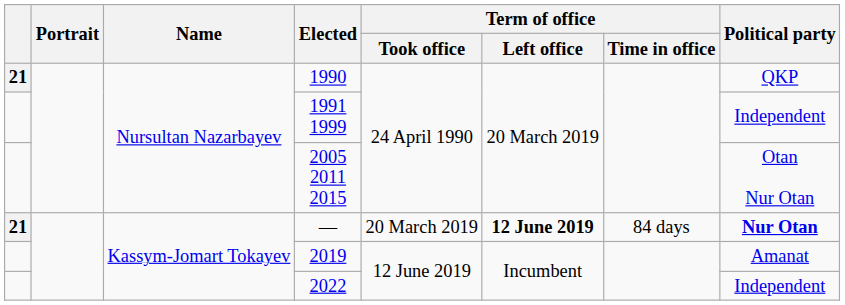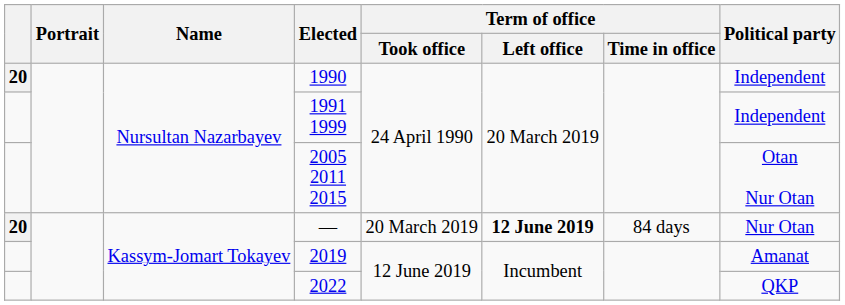 <table class="wikitable" style="text-align:center">
 <tr>
 <th rowspan="2"></th>
 <th rowspan="2">Portrait</th>
 <th rowspan="2">Name<br></th>
 <th rowspan="2">Elected</th>
 <th colspan="3">Term of office</th>
 <th rowspan="2">Political party</th>
 </tr>
 <tr>
 <th>Took office</th>
 <th>Left office</th>
 <th>Time in office</th>
 </tr>
 <tr>
-<th style="background:">21</th>
+<th style="background:">20</th>
 <td rowspan="3"></td>
 <td rowspan="3"><a href='#'>Nursultan Nazarbayev</a><br></td>
 <td><a href='#'>1990</a></td>
 <td rowspan="3">24 April 1990</td>
 <td rowspan="3">20 March 2019</td>
 <td rowspan="3"></td>
-<td><a href='#'>QKP</a><br></td>
+<td><a href='#'>Independent</a></td>
 </tr>
 <tr>
 <td style="background:"></td>
 <td><a href='#'>1991</a><br><a href='#'>1999</a></td>
 <td><a href='#'>Independent</a><br></td>
 </tr>
 <tr>
 <td style="background:"></td>
 <td><a href='#'>2005</a><br><a href='#'>2011</a><br><a href='#'>2015</a></td>
 <td><a href='#'>Otan</a><br><br><a href='#'>Nur Otan</a></td>
 </tr>
 <tr>
-<th style="background:">21</th>
+<th style="background:">20</th>
 <td rowspan="3"></td>
 <td rowspan="3"><a href='#'>Kassym-Jomart Tokayev</a><br></td>
 <td>—</td>
 <td>20 March 2019</td>
 <td><strong>12 June 2019</strong></td>
 <td>84 days</td>
-<td><strong><a href='#'>Nur Otan</a><br></strong></td>
+<td><a href='#'>Nur Otan</a><br></td>
 </tr>
 <tr>
 <td style="background:"></td>
 <td><a href='#'>2019</a></td>
 <td rowspan="2">12 June 2019</td>
 <td rowspan="2">Incumbent</td>
 <td rowspan="2"></td>
 <td><a href='#'>Amanat</a><br></td>
 </tr>
 <tr>
 <td style="background:"></td>
 <td><a href='#'>2022</a></td>
-<td><a href='#'>Independent</a></td>
+<td><a href='#'>QKP</a><br></td>
 </tr>
 </table>
